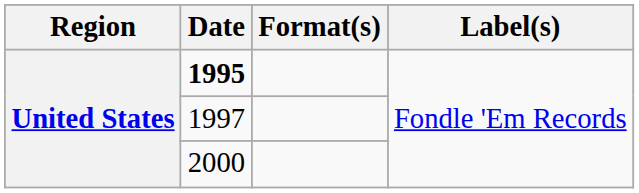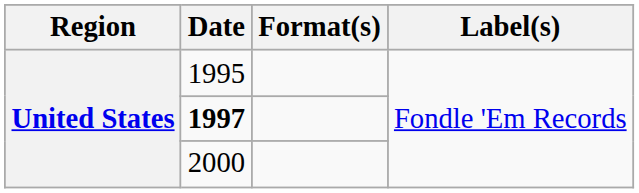 <table class="wikitable sortable plainrowheaders" style="text-align:center">
 <tr>
 <th scope="col">Region</th>
 <th scope="col">Date</th>
 <th scope="col">Format(s)</th>
 <th scope="col">Label(s)</th>
 </tr>
 <tr>
 <th rowspan="3" scope="row"><a href='#'>United States</a></th>
-<td><strong>1995</strong></td>
+<td>1995</td>
 <td></td>
 <td rowspan="3"><a href='#'>Fondle 'Em Records</a></td>
 </tr>
 <tr>
-<td>1997</td>
+<td><strong>1997</strong></td>
 <td></td>
 </tr>
 <tr>
 <td>2000</td>
 <td></td>
 </tr>
 </table>
